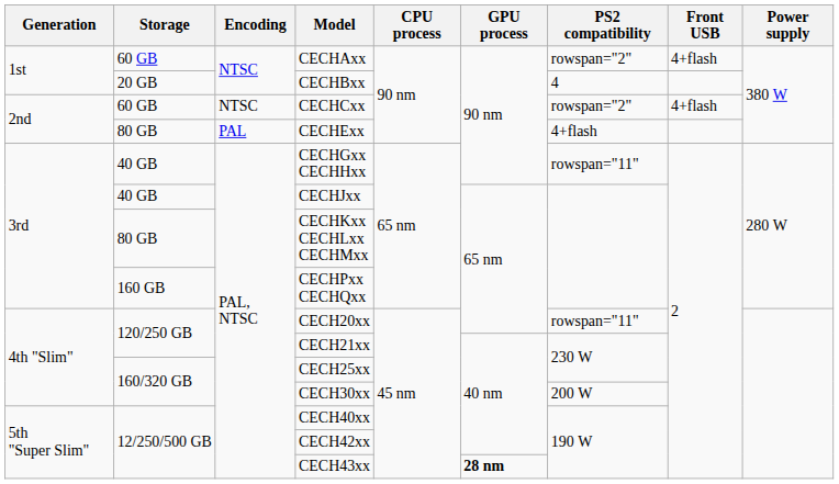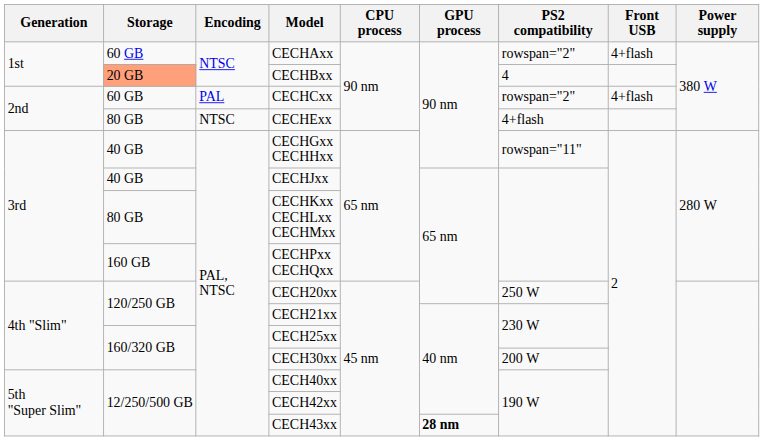 <table class="wikitable sortable sticky-header">
 <tr>
 <th>Generation</th>
 <th>Storage</th>
 <th>Encoding</th>
 <th>Model</th>
 <th>CPU process</th>
 <th>GPU process</th>
 <th>PS2 compatibility</th>
 <th>Front USB</th>
 <th>Power supply</th>
 </tr>
 <tr>
 <td rowspan="2">1st</td>
 <td>60 <a href='#'>GB</a></td>
 <td rowspan="2"><a href='#'>NTSC</a></td>
 <td>CECHAxx</td>
 <td rowspan="4">90 nm</td>
 <td rowspan="5">90 nm</td>
 <td>rowspan="2" </td>
 <td>4+flash</td>
 <td rowspan="4">380 <a href='#'>W</a></td>
 </tr>
 <tr>
-<td>20 GB</td>
+<td style="background: lightsalmon;">20 GB</td>
 <td>CECHBxx</td>
 <td>4</td>
 </tr>
 <tr>
 <td rowspan="2">2nd</td>
 <td>60 GB</td>
-<td>NTSC</td>
+<td><a href='#'>PAL</a></td>
 <td>CECHCxx</td>
 <td>rowspan="2" </td>
 <td>4+flash</td>
 </tr>
 <tr>
 <td>80 GB</td>
-<td><a href='#'>PAL</a></td>
+<td>NTSC</td>
 <td>CECHExx</td>
 <td>4+flash</td>
 </tr>
 <tr>
 <td rowspan="4">3rd</td>
 <td>40 GB</td>
 <td rowspan="11">PAL, NTSC</td>
 <td>CECHGxx<br>CECHHxx</td>
 <td rowspan="4">65 nm</td>
 <td>rowspan="11" </td>
 <td rowspan="11">2</td>
 <td rowspan="4">280 W</td>
 </tr>
 <tr>
 <td>40 GB</td>
 <td>CECHJxx</td>
 <td rowspan="4">65 nm</td>
 </tr>
 <tr>
 <td>80 GB</td>
 <td>CECHKxx<br>CECHLxx<br>CECHMxx</td>
 </tr>
 <tr>
 <td>160 GB</td>
 <td>CECHPxx<br>CECHQxx</td>
 </tr>
 <tr>
 <td rowspan="4">4th "Slim"</td>
 <td rowspan="2">120/250 GB</td>
 <td>CECH20xx</td>
 <td rowspan="7">45 nm</td>
-<td>rowspan="11" </td>
+<td>250 W</td>
 </tr>
 <tr>
 <td>CECH21xx</td>
 <td rowspan="5">40 nm</td>
 <td rowspan="2">230 W</td>
 </tr>
 <tr>
 <td rowspan="2">160/320 GB</td>
 <td>CECH25xx</td>
 </tr>
 <tr>
 <td>CECH30xx</td>
 <td>200 W</td>
 </tr>
 <tr>
 <td rowspan="3">5th "Super Slim"</td>
 <td rowspan="3">12/250/500 GB</td>
 <td>CECH40xx</td>
 <td rowspan="3">190 W</td>
 </tr>
 <tr>
 <td>CECH42xx</td>
 </tr>
 <tr>
 <td>CECH43xx</td>
 <td><strong>28 nm</strong></td>
 </tr>
 </table>
